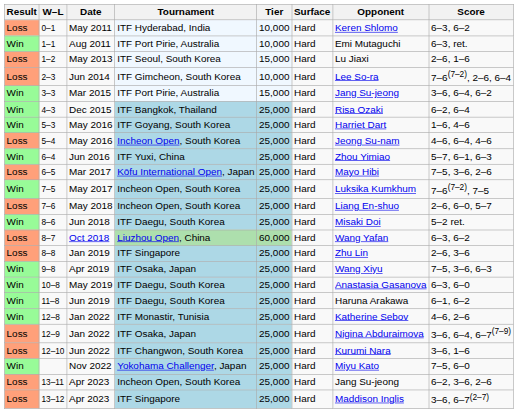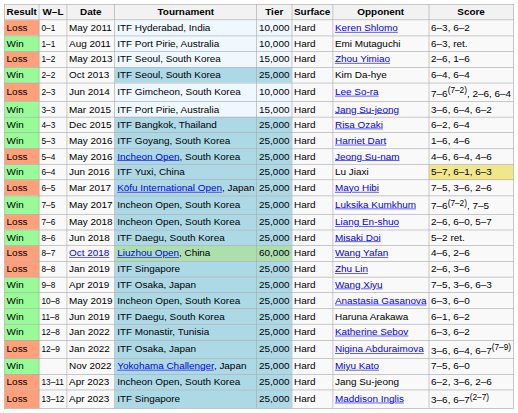 <table class="sortable wikitable">
 <tr>
 <th>Result</th>
 <th class="unsortable">W–L</th>
 <th>Date</th>
 <th>Tournament</th>
 <th>Tier</th>
 <th>Surface</th>
 <th>Opponent</th>
 <th class="unsortable">Score</th>
 </tr>
 <tr>
 <td style="background:#ffa07a;">Loss</td>
 <td><small>0–1</small></td>
 <td>May 2011</td>
 <td style="background:#f0f8ff;">ITF Hyderabad, India</td>
 <td style="background:#f0f8ff;">10,000</td>
 <td>Hard</td>
 <td> <a href='#'>Keren Shlomo</a></td>
 <td>6–3, 6–2</td>
 </tr>
 <tr>
 <td style="background:#98fb98;">Win</td>
 <td><small>1–1</small></td>
 <td>Aug 2011</td>
 <td style="background:#f0f8ff;">ITF Port Pirie, Australia</td>
 <td style="background:#f0f8ff;">10,000</td>
 <td>Hard</td>
 <td> Emi Mutaguchi</td>
 <td>6–3, ret.</td>
 </tr>
 <tr>
 <td style="background:#ffa07a;">Loss</td>
 <td><small>1–2</small></td>
 <td>May 2013</td>
 <td style="background:#f0f8ff;">ITF Seoul, South Korea</td>
 <td style="background:#f0f8ff;">15,000</td>
 <td>Hard</td>
-<td> Lu Jiaxi</td>
+<td> <a href='#'>Zhou Yimiao</a></td>
 <td>2–6, 1–6</td>
+</tr>
+<tr>
+<td style="background:#98fb98;">Win</td>
+<td><small>2–2</small></td>
+<td>Oct 2013</td>
+<td style="background:lightblue;">ITF Seoul, South Korea</td>
+<td style="background:lightblue;">25,000</td>
+<td>Hard</td>
+<td> Kim Da-hye</td>
+<td>6–4, 6–4</td>
 </tr>
 <tr>
 <td style="background:#ffa07a;">Loss</td>
 <td><small>2–3</small></td>
 <td>Jun 2014</td>
 <td style="background:#f0f8ff;">ITF Gimcheon, South Korea</td>
 <td style="background:#f0f8ff;">10,000</td>
 <td>Hard</td>
 <td> <a href='#'>Lee So-ra</a></td>
 <td>7–6<sup>(7–2)</sup>, 2–6, 6–4</td>
 </tr>
 <tr>
 <td style="background:#98fb98;">Win</td>
 <td><small>3–3</small></td>
 <td>Mar 2015</td>
 <td style="background:#f0f8ff;">ITF Port Pirie, Australia</td>
 <td style="background:#f0f8ff;">15,000</td>
 <td>Hard</td>
 <td> <a href='#'>Jang Su-jeong</a></td>
 <td>3–6, 6–4, 6–2</td>
 </tr>
 <tr>
 <td style="background:#98fb98;">Win</td>
 <td><small>4–3</small></td>
 <td>Dec 2015</td>
 <td style="background:lightblue;">ITF Bangkok, Thailand</td>
 <td style="background:lightblue;">25,000</td>
 <td>Hard</td>
 <td> <a href='#'>Risa Ozaki</a></td>
 <td>6–2, 6–4</td>
 </tr>
 <tr>
 <td style="background:#98fb98;">Win</td>
 <td><small>5–3</small></td>
 <td>May 2016</td>
 <td style="background:lightblue;">ITF Goyang, South Korea</td>
 <td style="background:lightblue;">25,000</td>
 <td>Hard</td>
 <td> <a href='#'>Harriet Dart</a></td>
 <td>1–6, 4–6</td>
 </tr>
 <tr>
 <td style="background:#ffa07a;">Loss</td>
 <td><small>5–4</small></td>
 <td>May 2016</td>
 <td style="background:lightblue;"><a href='#'>Incheon Open</a>, South Korea</td>
 <td style="background:lightblue;">25,000</td>
 <td>Hard</td>
 <td> <a href='#'>Jeong Su-nam</a></td>
 <td>4–6, 6–4, 4–6</td>
 </tr>
 <tr>
 <td style="background:#98fb98;">Win</td>
 <td><small>6–4</small></td>
 <td>Jun 2016</td>
 <td style="background:lightblue;">ITF Yuxi, China</td>
 <td style="background:lightblue;">25,000</td>
 <td>Hard</td>
-<td> <a href='#'>Zhou Yimiao</a></td>
-<td>5–7, 6–1, 6–3</td>
+<td> Lu Jiaxi</td>
+<td style="background: khaki;">5–7, 6–1, 6–3</td>
 </tr>
 <tr>
 <td style="background:#ffa07a;">Loss</td>
 <td><small>6–5</small></td>
 <td>Mar 2017</td>
 <td style="background:lightblue;"><a href='#'>Kōfu International Open</a>, Japan</td>
 <td style="background:lightblue;">25,000</td>
 <td>Hard</td>
 <td> <a href='#'>Mayo Hibi</a></td>
 <td>7–5, 3–6, 2–6</td>
 </tr>
 <tr>
 <td style="background:#98fb98;">Win</td>
 <td><small>7–5</small></td>
 <td>May 2017</td>
 <td style="background:lightblue;">Incheon Open, South Korea</td>
 <td style="background:lightblue;">25,000</td>
 <td>Hard</td>
 <td> <a href='#'>Luksika Kumkhum</a></td>
 <td>7–6<sup>(7–2)</sup>, 7–5</td>
 </tr>
 <tr>
 <td style="background:#ffa07a;">Loss</td>
 <td><small>7–6</small></td>
 <td>May 2018</td>
 <td style="background:lightblue;">Incheon Open, South Korea</td>
 <td style="background:lightblue;">25,000</td>
 <td>Hard</td>
 <td> <a href='#'>Liang En-shuo</a></td>
 <td>2–6, 6–0, 5–7</td>
 </tr>
 <tr>
 <td style="background:#98fb98;">Win</td>
 <td><small>8–6</small></td>
 <td>Jun 2018</td>
 <td style="background:lightblue;">ITF Daegu, South Korea</td>
 <td style="background:lightblue;">25,000</td>
 <td>Hard</td>
 <td> <a href='#'>Misaki Doi</a></td>
 <td>5–2 ret.</td>
 </tr>
 <tr>
 <td style="background:#ffa07a;">Loss</td>
 <td><small>8–7</small></td>
 <td><a href='#'>Oct 2018</a></td>
 <td style="background:#addfad;"><a href='#'>Liuzhou Open</a>, China</td>
 <td style="background:#addfad;">60,000</td>
 <td>Hard</td>
 <td> <a href='#'>Wang Yafan</a></td>
-<td>6–3, 6–2</td>
+<td>4–6, 2–6</td>
 </tr>
 <tr>
 <td style="background:#ffa07a;">Loss</td>
 <td><small>8–8</small></td>
 <td>Jan 2019</td>
 <td style="background:lightblue;">ITF Singapore</td>
 <td style="background:lightblue;">25,000</td>
 <td>Hard</td>
 <td> <a href='#'>Zhu Lin</a></td>
 <td>2–6, 3–6</td>
 </tr>
 <tr>
 <td style="background:#98fb98;">Win</td>
 <td><small>9–8</small></td>
 <td>Apr 2019</td>
 <td style="background:lightblue;">ITF Osaka, Japan</td>
 <td style="background:lightblue;">25,000</td>
 <td>Hard</td>
 <td> <a href='#'>Wang Xiyu</a></td>
 <td>7–5, 3–6, 6–3</td>
 </tr>
 <tr>
 <td style="background:#98fb98;">Win</td>
 <td><small>10–8</small></td>
 <td>May 2019</td>
-<td style="background:lightblue;">ITF Daegu, South Korea</td>
+<td style="background:lightblue;">Incheon Open, South Korea</td>
 <td style="background:lightblue;">25,000</td>
 <td>Hard</td>
 <td> <a href='#'>Anastasia Gasanova</a></td>
 <td>6–3, 6–0</td>
 </tr>
 <tr>
 <td style="background:#98fb98;">Win</td>
 <td><small>11–8</small></td>
 <td>Jun 2019</td>
 <td style="background:lightblue;">ITF Daegu, South Korea</td>
 <td style="background:lightblue;">25,000</td>
 <td>Hard</td>
 <td> Haruna Arakawa</td>
 <td>6–1, 6–2</td>
 </tr>
 <tr>
 <td style="background:#98fb98;">Win</td>
 <td><small>12–8</small></td>
 <td>Jan 2022</td>
 <td style="background:lightblue;">ITF Monastir, Tunisia</td>
 <td style="background:lightblue;">25,000</td>
 <td>Hard</td>
 <td> <a href='#'>Katherine Sebov</a></td>
-<td>4–6, 2–6</td>
+<td>6–3, 6–2</td>
 </tr>
 <tr>
 <td bgcolor=ffa07a>Loss</td>
 <td><small>12–9</small></td>
 <td>Jan 2022</td>
 <td style="background:lightblue;">ITF Osaka, Japan</td>
 <td style="background:lightblue;">25,000</td>
 <td>Hard</td>
 <td> <a href='#'>Nigina Abduraimova</a></td>
 <td>3–6, 6–4, 6–7<sup>(7–9)</sup></td>
-</tr>
-<tr>
-<td bgcolor=ffa07a>Loss</td>
-<td><small>12–10</small></td>
-<td>Jun 2022</td>
-<td style="background:lightblue;">ITF Changwon, South Korea</td>
-<td style="background:lightblue;">25,000</td>
-<td>Hard</td>
-<td> <a href='#'>Kurumi Nara</a></td>
-<td>3–6, 1–6</td>
 </tr>
 <tr>
 <td style="background:#98fb98;">Win</td>
 <td><small></small></td>
 <td>Nov 2022</td>
 <td style="background:lightblue;"><a href='#'>Yokohama Challenger</a>, Japan</td>
 <td style="background:lightblue;">25,000</td>
 <td>Hard</td>
 <td> <a href='#'>Miyu Kato</a></td>
 <td>7–5, 6–0</td>
 </tr>
 <tr>
 <td bgcolor=ffa07a>Loss</td>
 <td><small>13–11</small></td>
 <td>Apr 2023</td>
 <td style="background:lightblue;">Incheon Open, South Korea</td>
 <td style="background:lightblue;">25,000</td>
 <td>Hard</td>
 <td> Jang Su-jeong</td>
 <td>6–2, 3–6, 2–6</td>
 </tr>
 <tr>
 <td bgcolor=ffa07a>Loss</td>
 <td><small>13–12</small></td>
 <td>Apr 2023</td>
 <td style="background:lightblue;">ITF Singapore</td>
 <td style="background:lightblue;">25,000</td>
 <td>Hard</td>
 <td> <a href='#'>Maddison Inglis</a></td>
 <td>3–6, 6–7<sup>(2–7)</sup></td>
 </tr>
 </table>
